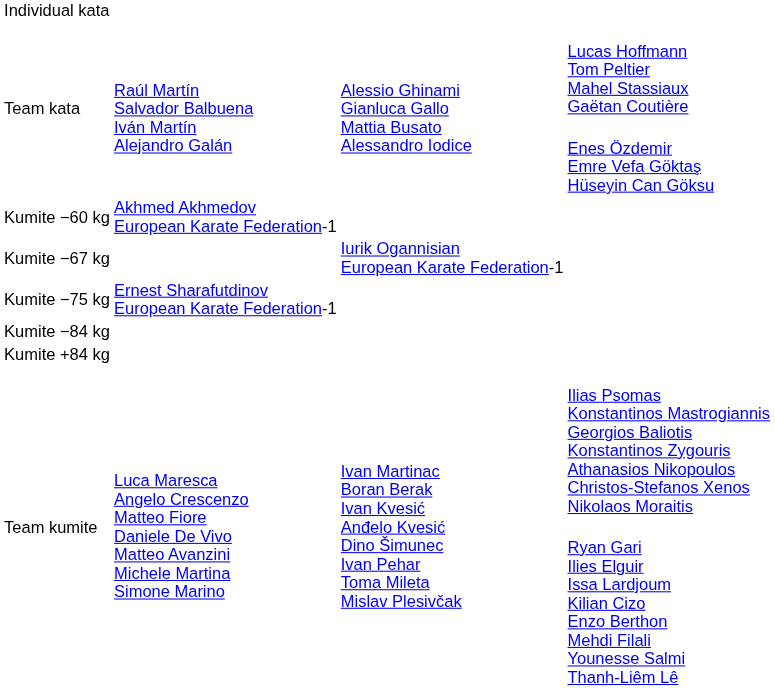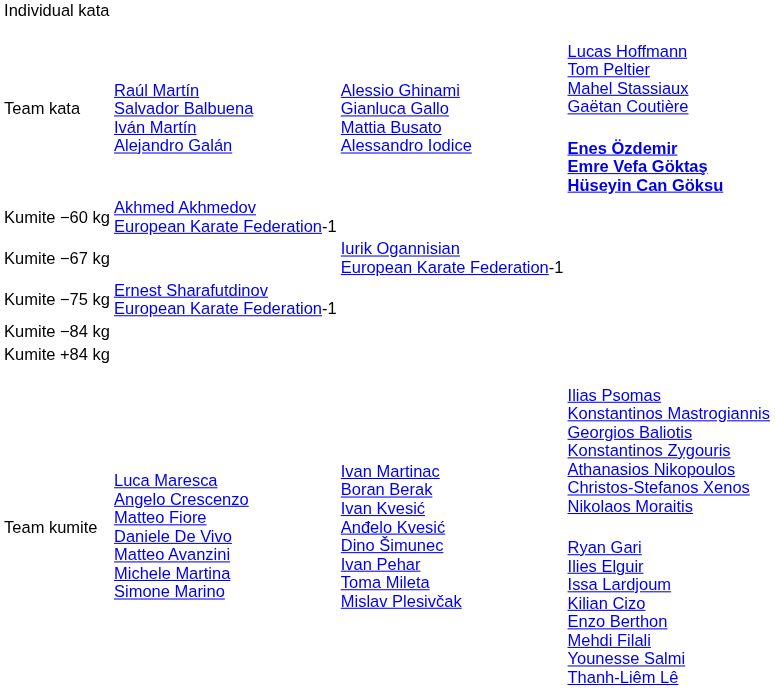 <table>
 <tr>
 <td rowspan=2>Individual kata<br></td>
 <td rowspan=2></td>
 <td rowspan=2></td>
 <td></td>
 </tr>
 <tr>
 <td></td>
 </tr>
 <tr>
 <td rowspan=2>Team kata<br></td>
 <td rowspan=2><br><a href='#'>Raúl Martín</a><br><a href='#'>Salvador Balbuena</a><br><a href='#'>Iván Martín</a><br><a href='#'>Alejandro Galán</a></td>
 <td rowspan=2><br><a href='#'>Alessio Ghinami</a><br><a href='#'>Gianluca Gallo</a><br><a href='#'>Mattia Busato</a><br><a href='#'>Alessandro Iodice</a></td>
 <td><br><a href='#'>Lucas Hoffmann</a><br><a href='#'>Tom Peltier</a><br><a href='#'>Mahel Stassiaux</a><br><a href='#'>Gaëtan Coutière</a></td>
 </tr>
 <tr>
-<td><br><a href='#'>Enes Özdemir</a><br><a href='#'>Emre Vefa Göktaş</a><br><a href='#'>Hüseyin Can Göksu</a></td>
+<td><strong><br><a href='#'>Enes Özdemir</a><br><a href='#'>Emre Vefa Göktaş</a><br><a href='#'>Hüseyin Can Göksu</a></strong></td>
 </tr>
 <tr>
 <td rowspan=2>Kumite −60 kg<br></td>
 <td rowspan=2><a href='#'>Akhmed Akhmedov</a><br><a href='#'>European Karate Federation</a>-1</td>
 <td rowspan=2></td>
 <td></td>
 </tr>
 <tr>
 <td></td>
 </tr>
 <tr>
 <td rowspan=2>Kumite −67 kg<br></td>
 <td rowspan=2></td>
 <td rowspan=2><a href='#'>Iurik Ogannisian</a><br><a href='#'>European Karate Federation</a>-1</td>
 <td></td>
 </tr>
 <tr>
 <td></td>
 </tr>
 <tr>
 <td rowspan=2>Kumite −75 kg<br></td>
 <td rowspan=2><a href='#'>Ernest Sharafutdinov</a><br><a href='#'>European Karate Federation</a>-1</td>
 <td rowspan=2></td>
 <td></td>
 </tr>
 <tr>
 <td></td>
 </tr>
 <tr>
 <td rowspan=2>Kumite −84 kg<br></td>
 <td rowspan=2></td>
 <td rowspan=2></td>
 <td></td>
 </tr>
 <tr>
 <td></td>
 </tr>
 <tr>
 <td rowspan=2>Kumite +84 kg<br></td>
 <td rowspan=2></td>
 <td rowspan=2></td>
 <td></td>
 </tr>
 <tr>
 <td></td>
 </tr>
 <tr>
 <td rowspan=2>Team kumite<br></td>
 <td rowspan=2><br><a href='#'>Luca Maresca</a><br><a href='#'>Angelo Crescenzo</a><br><a href='#'>Matteo Fiore</a><br><a href='#'>Daniele De Vivo</a><br><a href='#'>Matteo Avanzini</a><br><a href='#'>Michele Martina</a><br><a href='#'>Simone Marino</a></td>
 <td rowspan=2><br><a href='#'>Ivan Martinac</a><br><a href='#'>Boran Berak</a><br><a href='#'>Ivan Kvesić</a><br><a href='#'>Anđelo Kvesić</a><br><a href='#'>Dino Šimunec</a><br><a href='#'>Ivan Pehar</a><br><a href='#'>Toma Mileta</a><br><a href='#'>Mislav Plesivčak</a></td>
 <td><br><a href='#'>Ilias Psomas</a><br><a href='#'>Konstantinos Mastrogiannis</a><br><a href='#'>Georgios Baliotis</a><br><a href='#'>Konstantinos Zygouris</a><br><a href='#'>Athanasios Nikopoulos</a><br><a href='#'>Christos-Stefanos Xenos</a><br><a href='#'>Nikolaos Moraitis</a></td>
 </tr>
 <tr>
 <td><br><a href='#'>Ryan Gari</a><br><a href='#'>Ilies Elguir</a><br><a href='#'>Issa Lardjoum</a><br><a href='#'>Kilian Cizo</a><br><a href='#'>Enzo Berthon</a><br><a href='#'>Mehdi Filali</a><br><a href='#'>Younesse Salmi</a><br><a href='#'>Thanh-Liêm Lê</a></td>
 </tr>
 </table>
